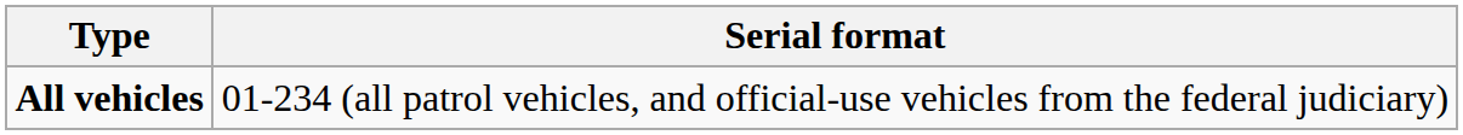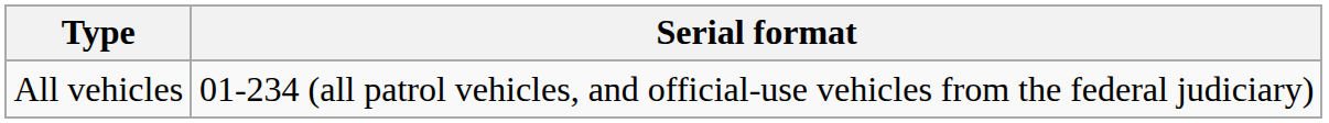 <table class=wikitable>
 <tr>
 <th>Type</th>
 <th>Serial format</th>
 </tr>
 <tr>
-<td><strong>All vehicles</strong></td>
+<td>All vehicles</td>
 <td>01-234 (all patrol vehicles, and official-use vehicles from the federal judiciary)</td>
 </tr>
 </table>
